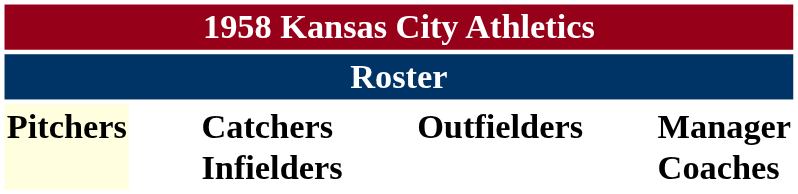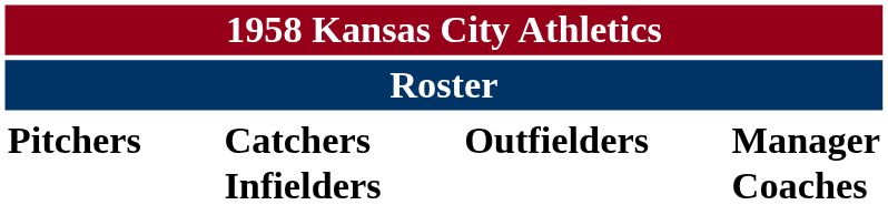 <table class="toccolours" style="font-size: 95%;">
 <tr>
 <th colspan="10" style="background-color: #960018; color: white; text-align: center;">1958 Kansas City Athletics</th>
 </tr>
 <tr>
 <td colspan="10" style="background-color: #003366; color: white; text-align: center;"><strong>Roster</strong></td>
 </tr>
 <tr>
-<td valign="top" style="background: lightyellow;"><strong>Pitchers</strong><br>                   </td>
+<td valign="top"><strong>Pitchers</strong><br>                   </td>
 <td width="25px"></td>
 <td valign="top"><strong>Catchers</strong><br>  <strong>Infielders</strong>            </td>
 <td width="25px"></td>
 <td valign="top"><strong>Outfielders</strong><br>       </td>
 <td width="25px"></td>
 <td valign="top"><strong>Manager</strong><br> <strong>Coaches</strong>   </td>
 </tr>
 </table>
